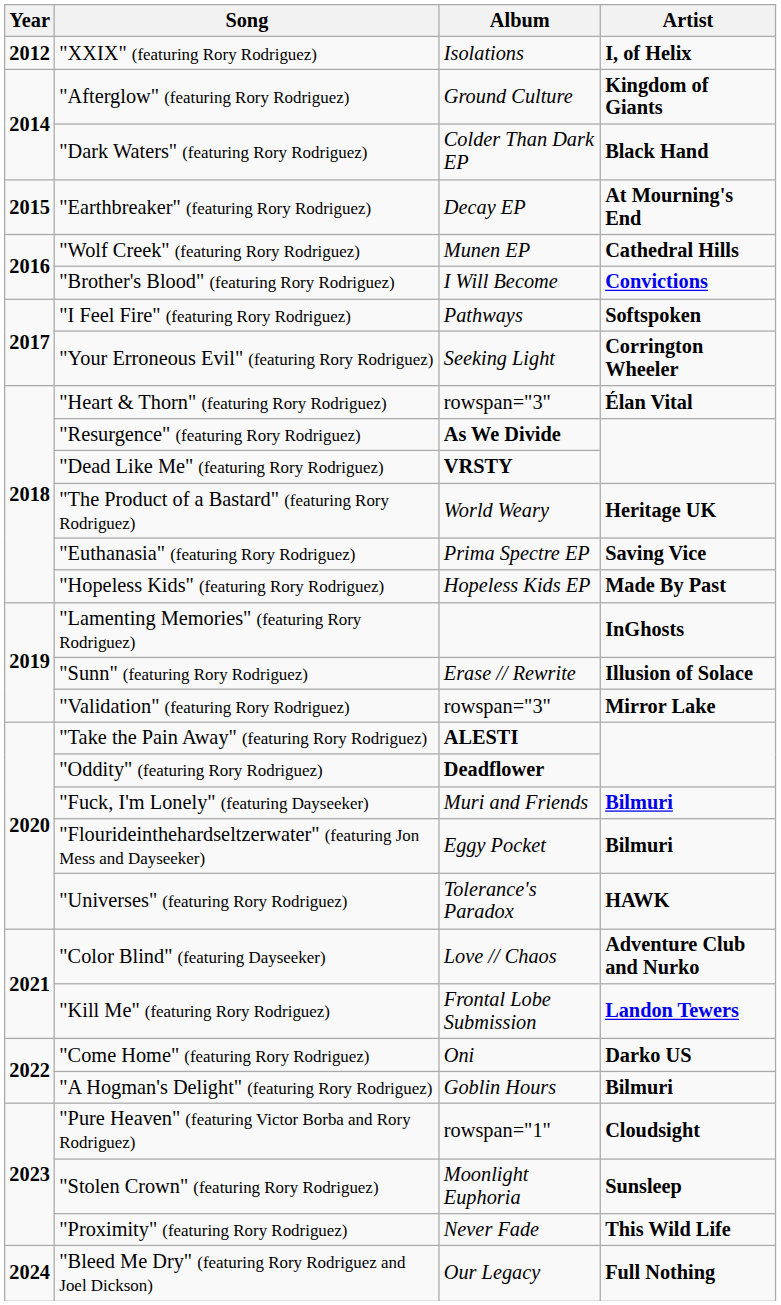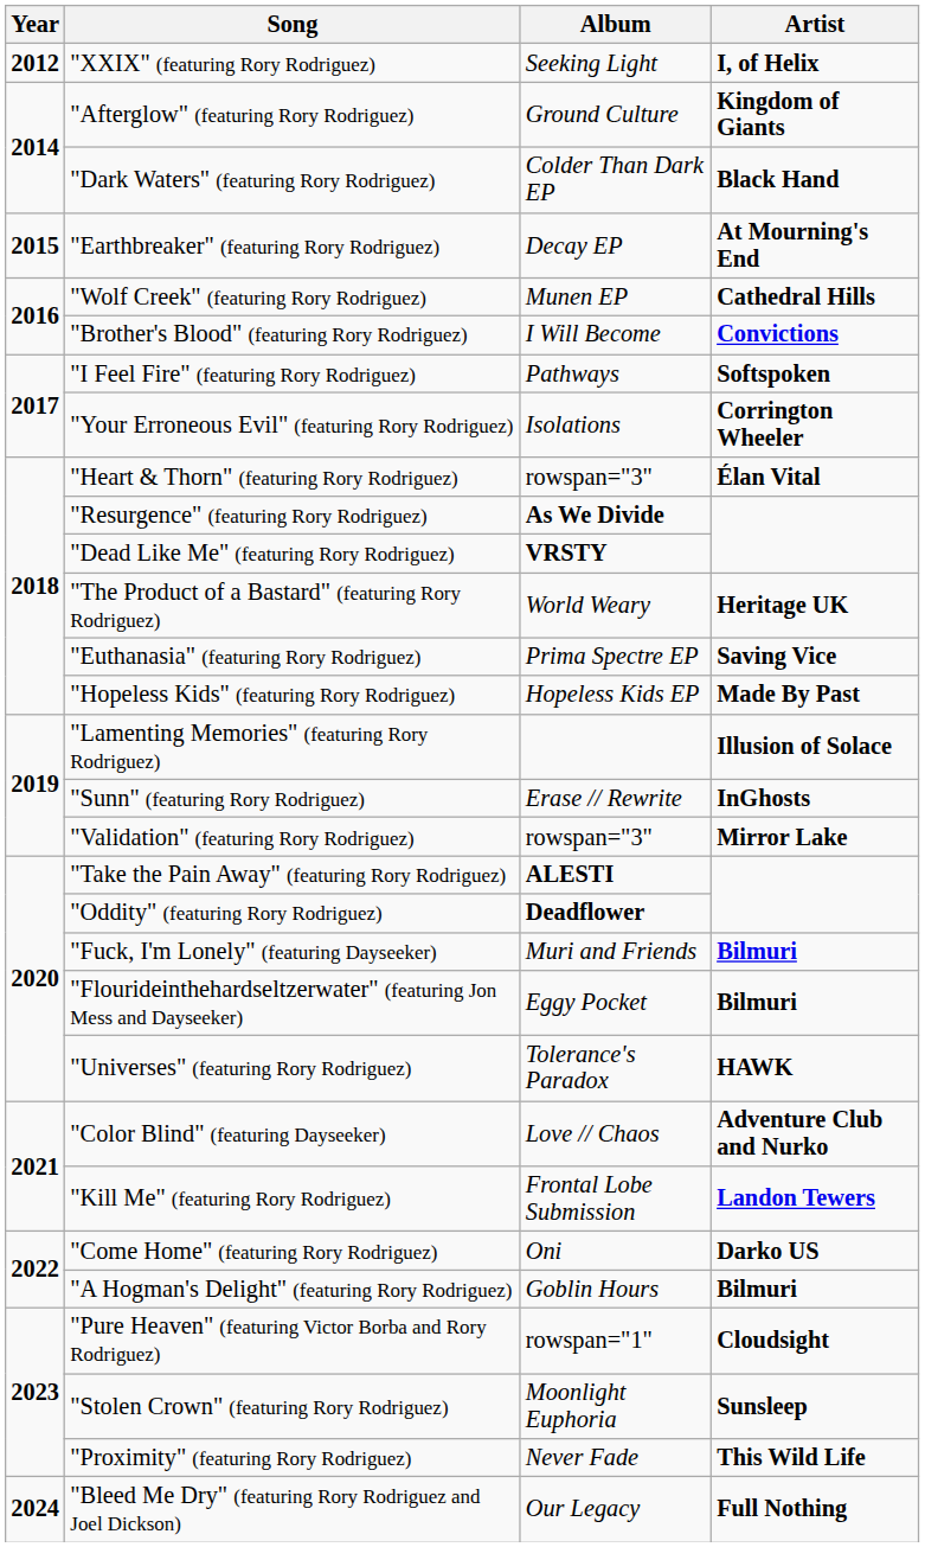 <table class="wikitable">
 <tr>
 <th>Year</th>
 <th>Song</th>
 <th>Album</th>
 <th>Artist</th>
 </tr>
 <tr>
 <td><strong>2012</strong></td>
 <td>"XXIX" <small>(featuring Rory Rodriguez)</small></td>
-<td><em>Isolations</em></td>
+<td><em>Seeking Light</em></td>
 <td><strong>I, of Helix</strong></td>
 </tr>
 <tr>
 <td rowspan="2"><strong>2014</strong></td>
 <td>"Afterglow" <small>(featuring Rory Rodriguez)</small></td>
 <td><em>Ground Culture</em></td>
 <td><strong>Kingdom of Giants</strong></td>
 </tr>
 <tr>
 <td>"Dark Waters" <small>(featuring Rory Rodriguez)</small></td>
 <td><em>Colder Than Dark EP</em></td>
 <td><strong>Black Hand</strong></td>
 </tr>
 <tr>
 <td><strong>2015</strong></td>
 <td>"Earthbreaker" <small>(featuring Rory Rodriguez)</small></td>
 <td><em>Decay EP</em></td>
 <td><strong>At Mourning's End</strong></td>
 </tr>
 <tr>
 <td rowspan="2"><strong>2016</strong></td>
 <td>"Wolf Creek" <small>(featuring Rory Rodriguez)</small></td>
 <td><em>Munen EP</em></td>
 <td><strong>Cathedral Hills</strong></td>
 </tr>
 <tr>
 <td>"Brother's Blood" <small>(featuring Rory Rodriguez)</small></td>
 <td><em>I Will Become</em></td>
 <td><strong><a href='#'>Convictions</a></strong></td>
 </tr>
 <tr>
 <td rowspan="2"><strong>2017</strong></td>
 <td>"I Feel Fire" <small>(featuring Rory Rodriguez)</small></td>
 <td><em>Pathways</em></td>
 <td><strong>Softspoken</strong></td>
 </tr>
 <tr>
 <td>"Your Erroneous Evil" <small>(featuring Rory Rodriguez)</small></td>
-<td><em>Seeking Light</em></td>
+<td><em>Isolations</em></td>
 <td><strong>Corrington Wheeler</strong></td>
 </tr>
 <tr>
 <td rowspan="6"><strong>2018</strong></td>
 <td>"Heart & Thorn" <small>(featuring Rory Rodriguez)</small></td>
 <td>rowspan="3" </td>
 <td><strong>Élan Vital</strong></td>
 </tr>
 <tr>
 <td>"Resurgence" <small>(featuring Rory Rodriguez)</small></td>
 <td><strong>As We Divide</strong></td>
 </tr>
 <tr>
 <td>"Dead Like Me" <small>(featuring Rory Rodriguez)</small></td>
 <td><strong>VRSTY</strong></td>
 </tr>
 <tr>
 <td>"The Product of a Bastard" <small>(featuring Rory Rodriguez)</small></td>
 <td><em>World Weary</em></td>
 <td><strong>Heritage UK</strong></td>
 </tr>
 <tr>
 <td>"Euthanasia" <small>(featuring Rory Rodriguez)</small></td>
 <td><em>Prima Spectre EP</em></td>
 <td><strong>Saving Vice</strong></td>
 </tr>
 <tr>
 <td>"Hopeless Kids" <small>(featuring Rory Rodriguez)</small></td>
 <td><em>Hopeless Kids EP</em></td>
 <td><strong>Made By Past</strong></td>
 </tr>
 <tr>
 <td rowspan="3"><strong>2019</strong></td>
 <td>"Lamenting Memories" <small>(featuring Rory Rodriguez)</small></td>
 <td></td>
-<td><strong>InGhosts</strong></td>
+<td><strong>Illusion of Solace</strong></td>
 </tr>
 <tr>
 <td>"Sunn" <small>(featuring Rory Rodriguez)</small></td>
 <td><em>Erase // Rewrite</em></td>
-<td><strong>Illusion of Solace</strong></td>
+<td><strong>InGhosts</strong></td>
 </tr>
 <tr>
 <td>"Validation" <small>(featuring Rory Rodriguez)</small></td>
 <td>rowspan="3" </td>
 <td><strong>Mirror Lake</strong></td>
 </tr>
 <tr>
 <td rowspan="5"><strong>2020</strong></td>
 <td>"Take the Pain Away" <small>(featuring Rory Rodriguez)</small></td>
 <td><strong>ALESTI</strong></td>
 </tr>
 <tr>
 <td>"Oddity" <small>(featuring Rory Rodriguez)</small></td>
 <td><strong>Deadflower</strong></td>
 </tr>
 <tr>
 <td>"Fuck, I'm Lonely" <small>(featuring Dayseeker)</small></td>
 <td><em>Muri and Friends</em></td>
 <td><strong><a href='#'>Bilmuri</a></strong></td>
 </tr>
 <tr>
 <td>"Flourideinthehardseltzerwater" <small>(featuring Jon Mess and Dayseeker)</small></td>
 <td><em>Eggy Pocket</em></td>
 <td><strong>Bilmuri</strong></td>
 </tr>
 <tr>
 <td>"Universes" <small>(featuring Rory Rodriguez)</small></td>
 <td><em>Tolerance's Paradox</em></td>
 <td><strong>HAWK</strong></td>
 </tr>
 <tr>
 <td rowspan="2"><strong>2021</strong></td>
 <td>"Color Blind" <small>(featuring Dayseeker)</small></td>
 <td><em>Love // Chaos</em></td>
 <td><strong>Adventure Club and Nurko</strong></td>
 </tr>
 <tr>
 <td>"Kill Me" <small>(featuring Rory Rodriguez)</small></td>
 <td><em>Frontal Lobe Submission</em></td>
 <td><strong><a href='#'>Landon Tewers</a></strong></td>
 </tr>
 <tr>
 <td rowspan="2"><strong>2022</strong></td>
 <td>"Come Home" <small>(featuring Rory Rodriguez)</small></td>
 <td><em>Oni</em></td>
 <td><strong>Darko US</strong></td>
 </tr>
 <tr>
 <td>"A Hogman's Delight" <small>(featuring Rory Rodriguez)</small></td>
 <td><em>Goblin Hours</em></td>
 <td><strong>Bilmuri</strong></td>
 </tr>
 <tr>
 <td rowspan="3"><strong>2023</strong></td>
 <td>"Pure Heaven" <small>(featuring Victor Borba and Rory Rodriguez)</small></td>
 <td>rowspan="1" </td>
 <td><strong>Cloudsight</strong></td>
 </tr>
 <tr>
 <td>"Stolen Crown" <small>(featuring Rory Rodriguez)</small></td>
 <td><em>Moonlight Euphoria</em></td>
 <td><strong>Sunsleep</strong></td>
 </tr>
 <tr>
 <td>"Proximity" <small>(featuring Rory Rodriguez)</small></td>
 <td><em>Never Fade</em></td>
 <td><strong>This Wild Life</strong></td>
 </tr>
 <tr>
 <td rowspan="3"><strong>2024</strong></td>
 <td>"Bleed Me Dry" <small>(featuring Rory Rodriguez and Joel Dickson)</small></td>
 <td><em>Our Legacy</em></td>
 <td><strong>Full Nothing</strong></td>
 </tr>
 </table>
